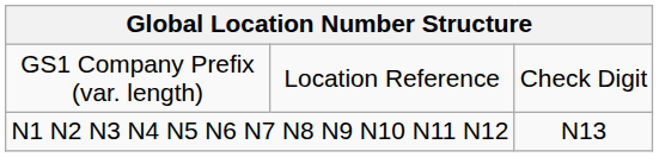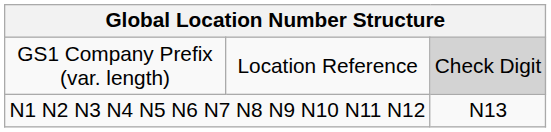 <table class="wikitable" border="1" style="text-align:center;">
 <tr>
 <th colspan="3">Global Location Number Structure</th>
 </tr>
 <tr>
 <td>GS1 Company Prefix<br>(var. length)</td>
 <td>Location Reference</td>
-<td>Check Digit</td>
+<td style="background: lightgrey;">Check Digit</td>
 </tr>
 <tr>
 <td colspan="2">N1 N2 N3 N4 N5 N6 N7 N8 N9 N10 N11 N12</td>
 <td>N13</td>
 </tr>
 </table>
